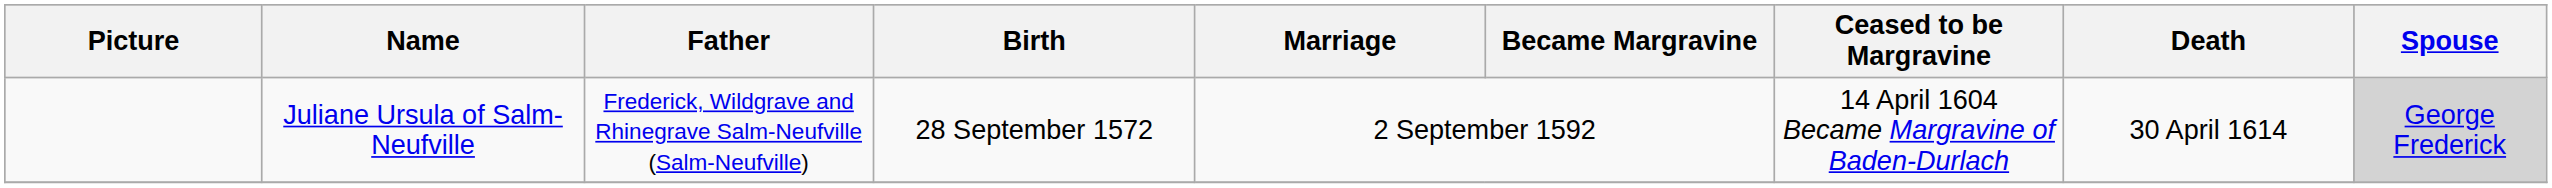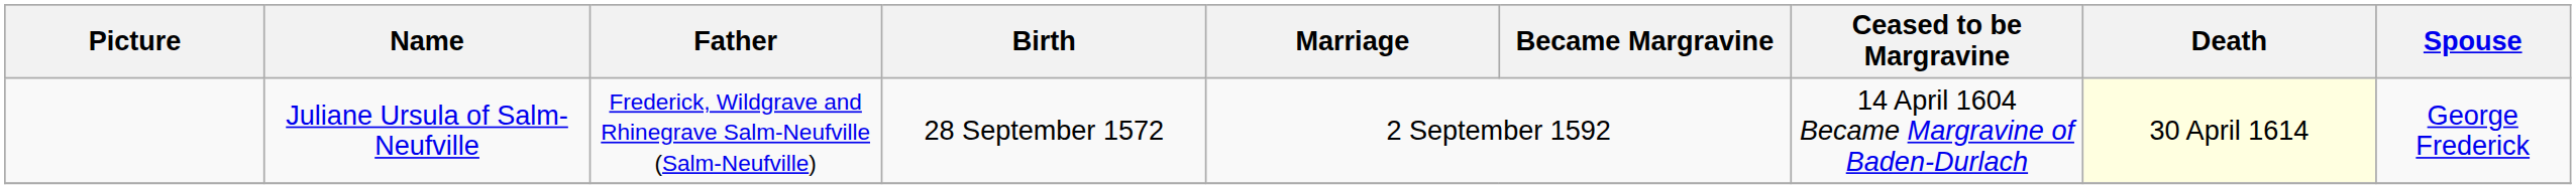 <table width=95% class="wikitable">
 <tr>
 <th width = "8%">Picture</th>
 <th width = "10%">Name</th>
 <th width = "9%">Father</th>
 <th width = "10%">Birth</th>
 <th width = "9%">Marriage</th>
 <th width = "9%">Became Margravine</th>
 <th width = "9%">Ceased to be Margravine</th>
 <th width = "9%">Death</th>
 <th width = "6%"><a href='#'>Spouse</a></th>
 </tr>
 <tr>
 <td align="center"></td>
 <td align="center"><a href='#'>Juliane Ursula of Salm-Neufville</a></td>
 <td align="center"><small><a href='#'>Frederick, Wildgrave and Rhinegrave Salm-Neufville</a><br>(<a href='#'>Salm-Neufville</a>)</small></td>
 <td align="center">28 September 1572</td>
 <td align="center" colspan="2">2 September 1592</td>
 <td align="center">14 April 1604<br><em>Became <a href='#'>Margravine of Baden-Durlach</a></em></td>
-<td align="center">30 April 1614</td>
-<td align="center" style="background: lightgrey;"><a href='#'>George Frederick</a></td>
+<td align="center" style="background: lightyellow;">30 April 1614</td>
+<td align="center"><a href='#'>George Frederick</a></td>
 </tr>
 <tr>
 </tr>
 </table>
